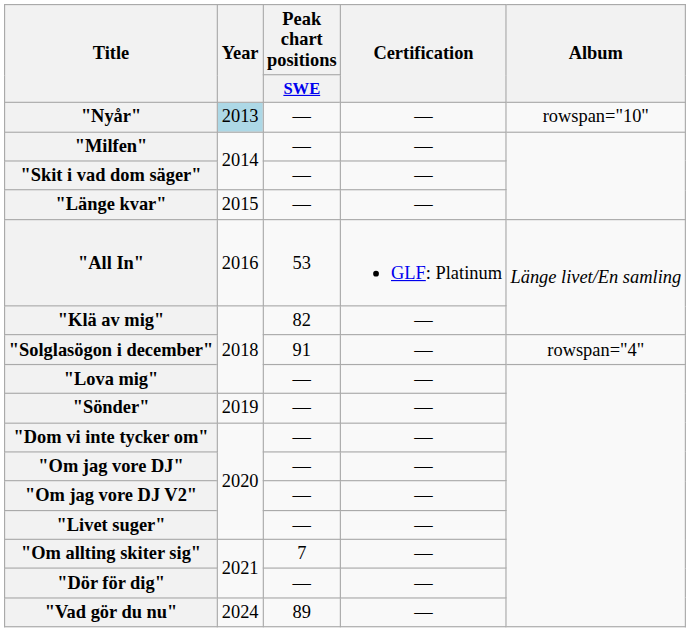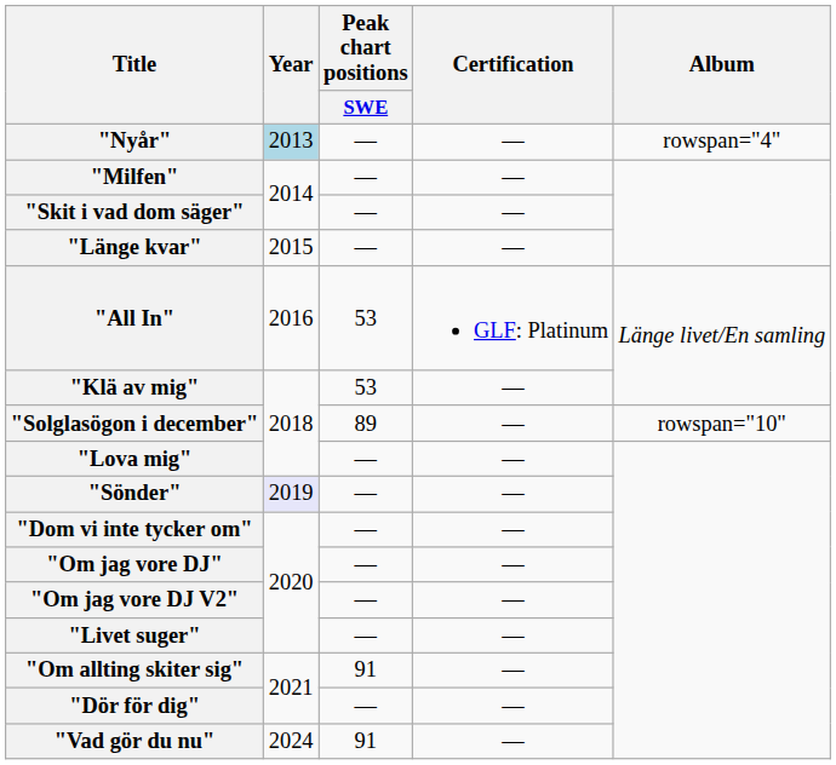 <table class="wikitable plainrowheaders" style="text-align:center;">
 <tr>
 <th scope="col" rowspan="2">Title</th>
 <th scope="col" rowspan="2">Year</th>
 <th scope="col" colspan="1">Peak chart positions</th>
 <th scope="col" rowspan="2">Certification</th>
 <th scope="col" rowspan="2">Album</th>
 </tr>
 <tr>
 <th scope="col" style="width:3em;font-size:90%;"><a href='#'>SWE</a></th>
 </tr>
 <tr>
 <th scope="row">"Nyår"</th>
 <td style="background: lightblue;">2013</td>
 <td>—</td>
 <td>—</td>
-<td>rowspan="10" </td>
+<td>rowspan="4" </td>
 </tr>
 <tr>
 <th scope="row">"Milfen"</th>
 <td rowspan="2">2014</td>
 <td>—</td>
 <td>—</td>
 </tr>
 <tr>
 <th scope="row">"Skit i vad dom säger"</th>
 <td>—</td>
 <td>—</td>
 </tr>
 <tr>
 <th scope="row">"Länge kvar"</th>
 <td>2015</td>
 <td>—</td>
 <td>—</td>
 </tr>
 <tr>
 <th scope="row">"All In"</th>
 <td>2016</td>
 <td>53<br></td>
 <td><br><ul><li><a href='#'>GLF</a>: Platinum</li></ul></td>
 <td rowspan="2"><em>Länge livet/En samling</em></td>
 </tr>
 <tr>
 <th scope="row">"Klä av mig"</th>
 <td rowspan="3">2018</td>
-<td>82<br></td>
+<td>53<br></td>
 <td>—</td>
 </tr>
 <tr>
 <th scope="row">"Solglasögon i december"</th>
-<td>91<br></td>
+<td>89<br></td>
 <td>—</td>
-<td>rowspan="4" </td>
+<td>rowspan="10" </td>
 </tr>
 <tr>
 <th scope="row">"Lova mig"</th>
 <td>—</td>
 <td>—</td>
 </tr>
 <tr>
 <th scope="row">"Sönder"</th>
-<td>2019</td>
+<td style="background: lavender;">2019</td>
 <td>—</td>
 <td>—</td>
 </tr>
 <tr>
 <th scope="row">"Dom vi inte tycker om"</th>
 <td rowspan="4">2020</td>
 <td>—</td>
 <td>—</td>
 </tr>
 <tr>
 <th scope="row">"Om jag vore DJ"</th>
 <td>—</td>
 <td>—</td>
 </tr>
 <tr>
 <th scope="row">"Om jag vore DJ V2"</th>
 <td>—</td>
 <td>—</td>
 </tr>
 <tr>
 <th scope="row">"Livet suger"</th>
 <td>—</td>
 <td>—</td>
 </tr>
 <tr>
 <th scope="row">"Om allting skiter sig"</th>
 <td rowspan="2">2021</td>
-<td>7<br></td>
+<td>91<br></td>
 <td>—</td>
 </tr>
 <tr>
 <th scope="row">"Dör för dig"</th>
 <td>—</td>
 <td>—</td>
 </tr>
 <tr>
 <th scope="row">"Vad gör du nu"<br></th>
 <td>2024</td>
-<td>89<br></td>
+<td>91<br></td>
 <td>—</td>
 </tr>
 </table>
